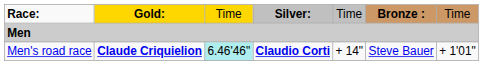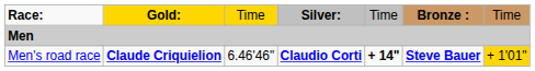 <table class="wikitable" style="text-align: left; font-size: 95%; border: gray solid 1px; border-collapse: collapse;">
 <tr>
 <td><strong>Race:</strong></td>
 <td style="text-align:center;background-color:gold;"><strong>Gold:</strong></td>
 <td style="text-align:center;background-color:gold;">Time</td>
 <td style="text-align:center;background-color:silver;"><strong>Silver:</strong></td>
 <td style="text-align:center;background-color:silver;">Time</td>
 <td style="text-align:center;background-color:#CC9966;"><strong>Bronze :</strong></td>
 <td style="text-align:center;background-color:#CC9966;">Time</td>
 </tr>
 <tr bgcolor="#cccccc">
 <td colspan=7><strong>Men</strong></td>
 </tr>
 <tr>
 <td><a href='#'>Men's road race</a><br></td>
 <td><strong><a href='#'>Claude Criquielion</a></strong><br><small></small></td>
-<td style="background: paleturquoise;">6.46'46"</td>
+<td>6.46'46"</td>
 <td><strong><a href='#'>Claudio Corti</a><br><small></small></strong></td>
-<td>+ 14"</td>
-<td><a href='#'>Steve Bauer</a><br><small></small></td>
-<td>+ 1'01"</td>
+<td><strong>+ 14"</strong></td>
+<td><strong><a href='#'>Steve Bauer</a><br><small></small></strong></td>
+<td style="background: gold;">+ 1'01"</td>
 </tr>
 </table>
